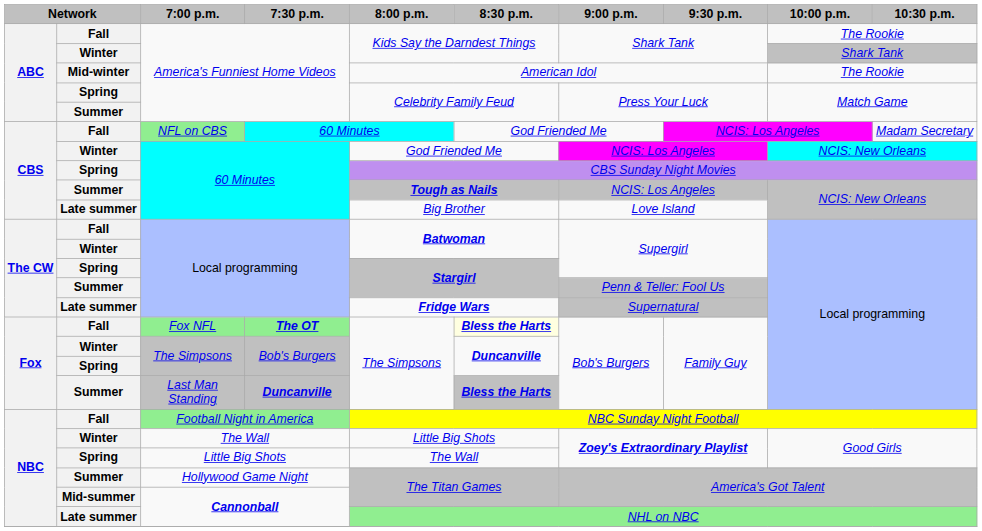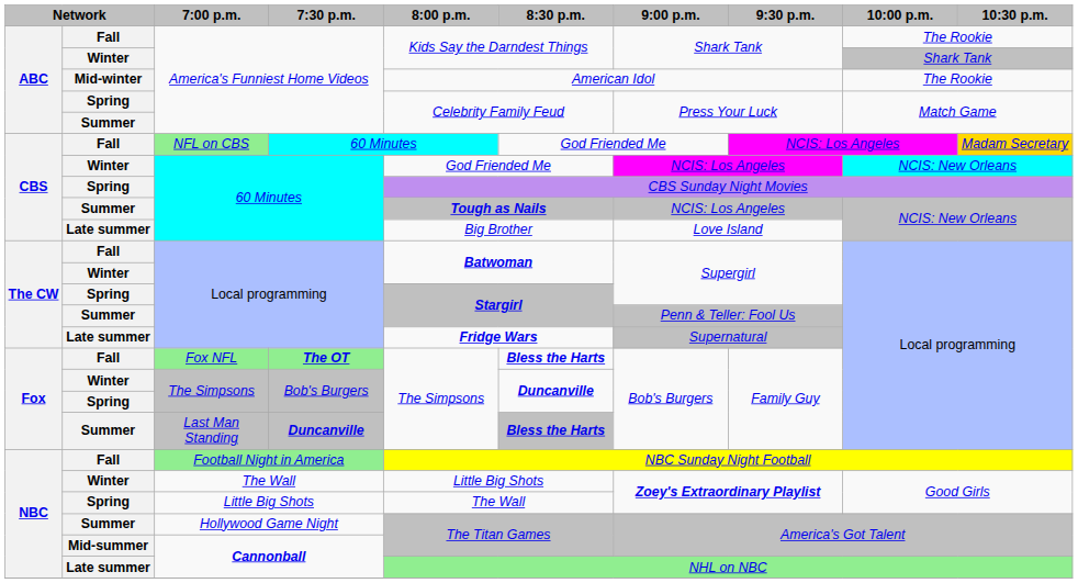 <table class="wikitable" style="width:100%;margin-right:0;text-align:center">
 <tr>
 <th colspan="2" style="background-color:#C0C0C0;text-align:center;width:13%;">Network</th>
 <th style="background-color:#C0C0C0;text-align:center;width:10%;">7:00 p.m.</th>
 <th style="background-color:#C0C0C0;text-align:center;width:10%;">7:30 p.m.</th>
 <th style="background-color:#C0C0C0;text-align:center;width:10%;">8:00 p.m.</th>
 <th style="background-color:#C0C0C0;text-align:center;width:10%;">8:30 p.m.</th>
 <th style="background-color:#C0C0C0;text-align:center;width:10%;">9:00 p.m.</th>
 <th style="background-color:#C0C0C0;text-align:center;width:10%;">9:30 p.m.</th>
 <th style="background-color:#C0C0C0;text-align:center;width:10%;">10:00 p.m.</th>
 <th style="background-color:#C0C0C0;text-align:center;width:10%;">10:30 p.m.</th>
 </tr>
 <tr>
 <th rowspan="5"><a href='#'>ABC</a></th>
 <th>Fall</th>
 <td rowspan="5" colspan="2"><em><a href='#'>America's Funniest Home Videos</a></em></td>
 <td rowspan="2" colspan="2"><em><a href='#'>Kids Say the Darndest Things</a></em></td>
 <td rowspan="2" colspan="2"><em><a href='#'>Shark Tank</a></em></td>
 <td colspan="2"><em><a href='#'>The Rookie</a></em></td>
 </tr>
 <tr>
 <th>Winter</th>
 <td colspan="2" style="background:#C0C0C0;"><em><a href='#'>Shark Tank</a></em> </td>
 </tr>
 <tr>
 <th>Mid-winter</th>
 <td colspan="4"><em><a href='#'>American Idol</a></em></td>
 <td colspan="2"><em><a href='#'>The Rookie</a></em></td>
 </tr>
 <tr>
 <th>Spring</th>
 <td rowspan="2" colspan="2"><em><a href='#'>Celebrity Family Feud</a></em></td>
 <td rowspan="2" colspan="2"><em><a href='#'>Press Your Luck</a></em></td>
 <td rowspan="2" colspan="2"><em><a href='#'>Match Game</a></em></td>
 </tr>
 <tr>
 <th>Summer</th>
 </tr>
 <tr>
 <th rowspan="5"><a href='#'>CBS</a></th>
 <th>Fall</th>
 <td style="background:lightgreen"><em><a href='#'>NFL on CBS</a></em> </td>
 <td colspan="2" style="background:#00FFFF;"><em><a href='#'>60 Minutes</a></em> </td>
 <td colspan="2"><em><a href='#'>God Friended Me</a></em></td>
 <td colspan="2" style="background:#FF00FF;"><em><a href='#'>NCIS: Los Angeles</a></em> </td>
-<td><em><a href='#'>Madam Secretary</a></em> </td>
+<td style="background: gold;"><em><a href='#'>Madam Secretary</a></em> </td>
 </tr>
 <tr>
 <th>Winter</th>
 <td rowspan="4" colspan="2" style="background:#00FFFF;"><em><a href='#'>60 Minutes</a></em> </td>
 <td colspan="2"><em><a href='#'>God Friended Me</a></em></td>
 <td colspan="2" style="background:#FF00FF;"><em><a href='#'>NCIS: Los Angeles</a></em> </td>
 <td colspan="2" style="background:#00FFFF;"><em><a href='#'>NCIS: New Orleans</a></em> </td>
 </tr>
 <tr>
 <th>Spring</th>
 <td colspan="6" style="background:#bf8fef;"><em><a href='#'>CBS Sunday Night Movies</a></em></td>
 </tr>
 <tr>
 <th>Summer</th>
 <td colspan="2" style="background:#C0C0C0;"><strong><em><a href='#'>Tough as Nails</a></em></strong> </td>
 <td colspan="2" style="background:#C0C0C0;"><em><a href='#'>NCIS: Los Angeles</a></em> </td>
 <td rowspan="2" colspan="2" style="background:#C0C0C0;"><em><a href='#'>NCIS: New Orleans</a></em> </td>
 </tr>
 <tr>
 <th>Late summer</th>
 <td colspan="2"><em><a href='#'>Big Brother</a></em></td>
 <td colspan="2"><em><a href='#'>Love Island</a></em></td>
 </tr>
 <tr>
 <th rowspan="5"><a href='#'>The CW</a></th>
 <th>Fall</th>
 <td rowspan="5" colspan="2" style="background:#abbfff">Local programming</td>
 <td rowspan="2" colspan="2"><strong><em><a href='#'>Batwoman</a></em></strong></td>
 <td rowspan="3" colspan="2"><em><a href='#'>Supergirl</a></em></td>
 <td rowspan="9" colspan="2" style="background:#abbfff">Local programming</td>
 </tr>
 <tr>
 <th>Winter</th>
 </tr>
 <tr>
 <th>Spring</th>
 <td rowspan="2" colspan="2" style="background:#C0C0C0;"><strong><em><a href='#'>Stargirl</a></em></strong> </td>
 </tr>
 <tr>
 <th>Summer</th>
 <td colspan="2" style="background:#C0C0C0;"><em><a href='#'>Penn & Teller: Fool Us</a></em> </td>
 </tr>
 <tr>
 <th>Late summer</th>
 <td colspan="2"><strong><em><a href='#'>Fridge Wars</a></em></strong></td>
 <td colspan="2" style="background:#C0C0C0;"><em><a href='#'>Supernatural</a></em> </td>
 </tr>
 <tr>
 <th rowspan="4"><a href='#'>Fox</a></th>
 <th>Fall</th>
 <td style="background:lightgreen"><em><a href='#'>Fox NFL</a></em> </td>
 <td style="background:lightgreen"><strong><em><a href='#'>The OT</a></em></strong></td>
 <td rowspan="4"><em><a href='#'>The Simpsons</a></em></td>
-<td style="background: lightyellow;"><strong><em><a href='#'>Bless the Harts</a></em></strong></td>
+<td><strong><em><a href='#'>Bless the Harts</a></em></strong></td>
 <td rowspan="4"><em><a href='#'>Bob's Burgers</a></em></td>
 <td rowspan="4"><em><a href='#'>Family Guy</a></em></td>
 </tr>
 <tr>
 <th>Winter</th>
 <td rowspan="2" style="background:#C0C0C0;"><em><a href='#'>The Simpsons</a></em> </td>
 <td rowspan="2" style="background:#C0C0C0;"><em><a href='#'>Bob's Burgers</a></em> </td>
 <td rowspan="2"><strong><em><a href='#'>Duncanville</a></em></strong></td>
 </tr>
 <tr>
 <th>Spring</th>
 </tr>
 <tr>
 <th>Summer</th>
 <td style="background:#C0C0C0;"><em><a href='#'>Last Man Standing</a></em> </td>
 <td style="background:#C0C0C0;"><strong><em><a href='#'>Duncanville</a></em></strong> </td>
 <td style="background:#C0C0C0;"><strong><em><a href='#'>Bless the Harts</a></em></strong> </td>
 </tr>
 <tr>
 <th rowspan="6"><a href='#'>NBC</a></th>
 <th>Fall</th>
 <td colspan="2" style="background:lightgreen"><em><a href='#'>Football Night in America</a></em></td>
 <td colspan="6" style="background:#FFFF00;"><em><a href='#'>NBC Sunday Night Football</a></em>   </td>
 </tr>
 <tr>
 <th>Winter</th>
 <td colspan="2"><em><a href='#'>The Wall</a></em></td>
 <td colspan="2"><em><a href='#'>Little Big Shots</a></em></td>
 <td rowspan="2" colspan="2"><strong><em><a href='#'>Zoey's Extraordinary Playlist</a></em></strong></td>
 <td rowspan="2" colspan="2"><em><a href='#'>Good Girls</a></em></td>
 </tr>
 <tr>
 <th>Spring</th>
 <td colspan="2"><em><a href='#'>Little Big Shots</a></em></td>
 <td colspan="2"><em><a href='#'>The Wall</a></em></td>
 </tr>
 <tr>
 <th>Summer</th>
 <td colspan="2"><em><a href='#'>Hollywood Game Night</a></em></td>
 <td rowspan="2" colspan="2" style="background:#C0C0C0;"><em><a href='#'>The Titan Games</a></em> </td>
 <td rowspan="2" colspan="4" style="background:#C0C0C0;"><em><a href='#'>America's Got Talent</a></em> </td>
 </tr>
 <tr>
 <th>Mid-summer</th>
 <td rowspan="2" colspan="2"><strong><em><a href='#'>Cannonball</a></em></strong></td>
 </tr>
 <tr>
 <th>Late summer</th>
 <td colspan="6" style="background:lightgreen"><em><a href='#'>NHL on NBC</a></em></td>
 </tr>
 <tr>
 </tr>
 </table>
